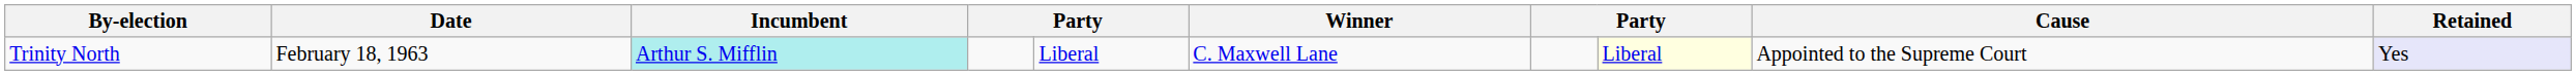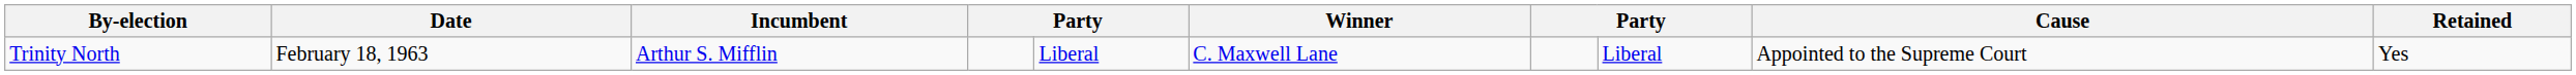 <table class=wikitable style="width:100%">
 <tr>
 <th>By-election</th>
 <th>Date</th>
 <th>Incumbent</th>
 <th colspan=2>Party</th>
 <th>Winner</th>
 <th colspan=2>Party</th>
 <th>Cause</th>
 <th>Retained</th>
 </tr>
 <tr>
 <td><a href='#'>Trinity North</a></td>
 <td>February 18, 1963</td>
-<td style="background: paleturquoise;"><a href='#'>Arthur S. Mifflin</a></td>
+<td><a href='#'>Arthur S. Mifflin</a></td>
 <td>    </td>
 <td><a href='#'>Liberal</a></td>
 <td><a href='#'>C. Maxwell Lane</a></td>
 <td>    </td>
-<td style="background: lightyellow;"><a href='#'>Liberal</a></td>
+<td><a href='#'>Liberal</a></td>
 <td>Appointed to the Supreme Court</td>
-<td style="background: lavender;">Yes</td>
+<td>Yes</td>
 </tr>
 </table>
